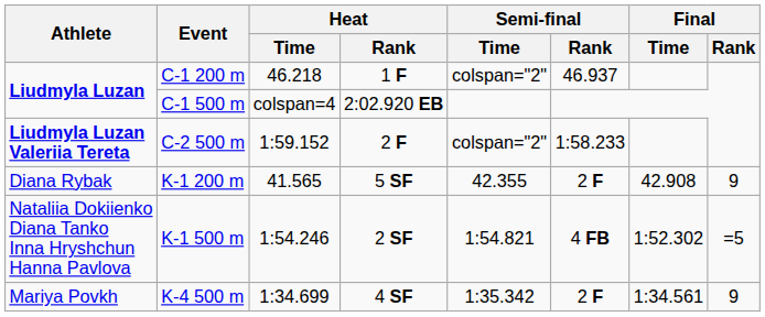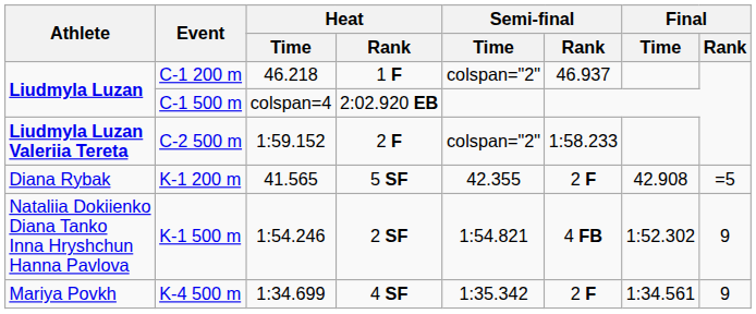 <table class="wikitable" style="text-align: center; font-size:90%">
 <tr>
 <th rowspan="2">Athlete</th>
 <th rowspan="2">Event</th>
 <th colspan="2">Heat</th>
 <th colspan="2">Semi-final</th>
 <th colspan="2">Final</th>
 </tr>
 <tr>
 <th>Time</th>
 <th>Rank</th>
 <th>Time</th>
 <th>Rank</th>
 <th>Time</th>
 <th>Rank</th>
 </tr>
 <tr>
 <td align="left" rowspan="2"><strong><a href='#'>Liudmyla Luzan</a></strong></td>
 <td align="left"><a href='#'>C-1 200 m</a></td>
 <td>46.218</td>
 <td>1 <strong>F</strong></td>
 <td>colspan="2" </td>
 <td>46.937</td>
 <td></td>
 </tr>
 <tr>
 <td align="left"><a href='#'>C-1 500 m</a></td>
 <td>colspan=4 </td>
 <td>2:02.920 <strong>EB</strong></td>
 <td></td>
 </tr>
 <tr>
 <td align="left"><strong><a href='#'>Liudmyla Luzan</a><br><a href='#'>Valeriia Tereta</a></strong></td>
 <td align="left"><a href='#'>C-2 500 m</a></td>
 <td>1:59.152</td>
 <td>2 <strong>F</strong></td>
 <td>colspan="2" </td>
 <td>1:58.233</td>
 <td></td>
 </tr>
 <tr>
 <td align="left"><a href='#'>Diana Rybak</a></td>
 <td align="left"><a href='#'>K-1 200 m</a></td>
 <td>41.565</td>
 <td>5 <strong>SF</strong></td>
 <td>42.355</td>
 <td>2 <strong>F</strong></td>
 <td>42.908</td>
-<td>9</td>
+<td>=5</td>
 </tr>
 <tr>
 <td align="left"><a href='#'>Nataliia Dokiienko</a><br><a href='#'>Diana Tanko</a><br><a href='#'>Inna Hryshchun</a><br><a href='#'>Hanna Pavlova</a></td>
 <td align="left"><a href='#'>K-1 500 m</a></td>
 <td>1:54.246</td>
 <td>2 <strong>SF</strong></td>
 <td>1:54.821</td>
 <td>4 <strong>FB</strong></td>
 <td>1:52.302</td>
-<td>=5</td>
+<td>9</td>
 </tr>
 <tr>
 <td align="left"><a href='#'>Mariya Povkh</a></td>
 <td align="left"><a href='#'>K-4 500 m</a></td>
 <td>1:34.699</td>
 <td>4 <strong>SF</strong></td>
 <td>1:35.342</td>
 <td>2 <strong>F</strong></td>
 <td>1:34.561</td>
 <td>9</td>
 </tr>
 </table>
